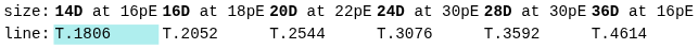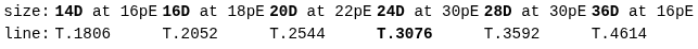 <table style="margin-left:40px;">
 <tr>
 <td>size:</td>
 <td><strong>14D</strong> at 16pE</td>
 <td><strong>16D</strong> at 18pE</td>
 <td><strong>20D</strong> at 22pE</td>
 <td><strong>24D</strong> at 30pE</td>
 <td><strong>28D</strong> at 30pE</td>
 <td><strong>36D</strong> at 16pE</td>
 </tr>
 <tr>
 <td>line:</td>
-<td style="background: paleturquoise;">T.1806</td>
+<td>T.1806</td>
 <td>T.2052</td>
 <td>T.2544</td>
-<td>T.3076</td>
+<td><strong>T.3076</strong></td>
 <td>T.3592</td>
 <td>T.4614</td>
 </tr>
 </table>
